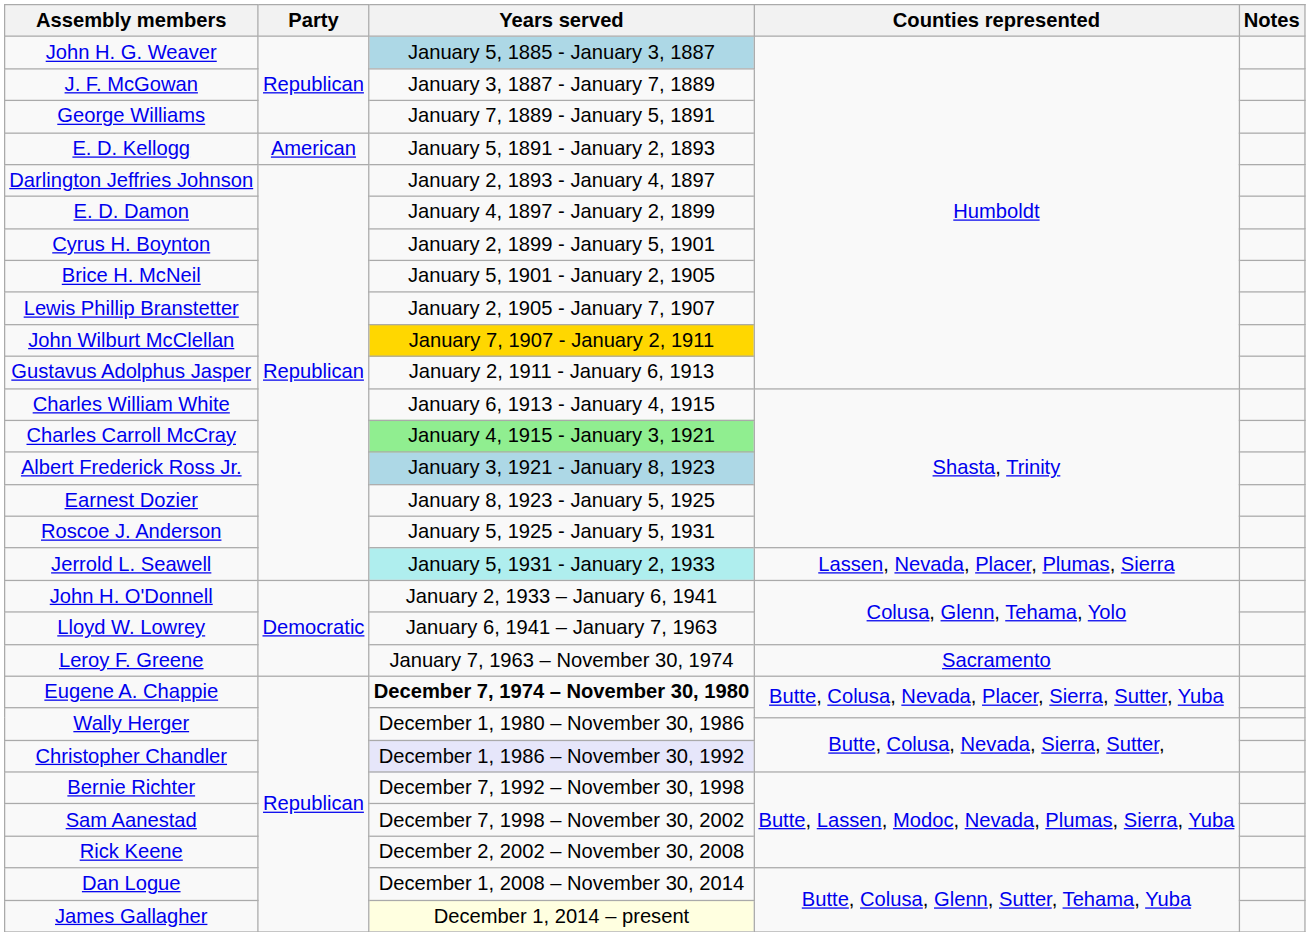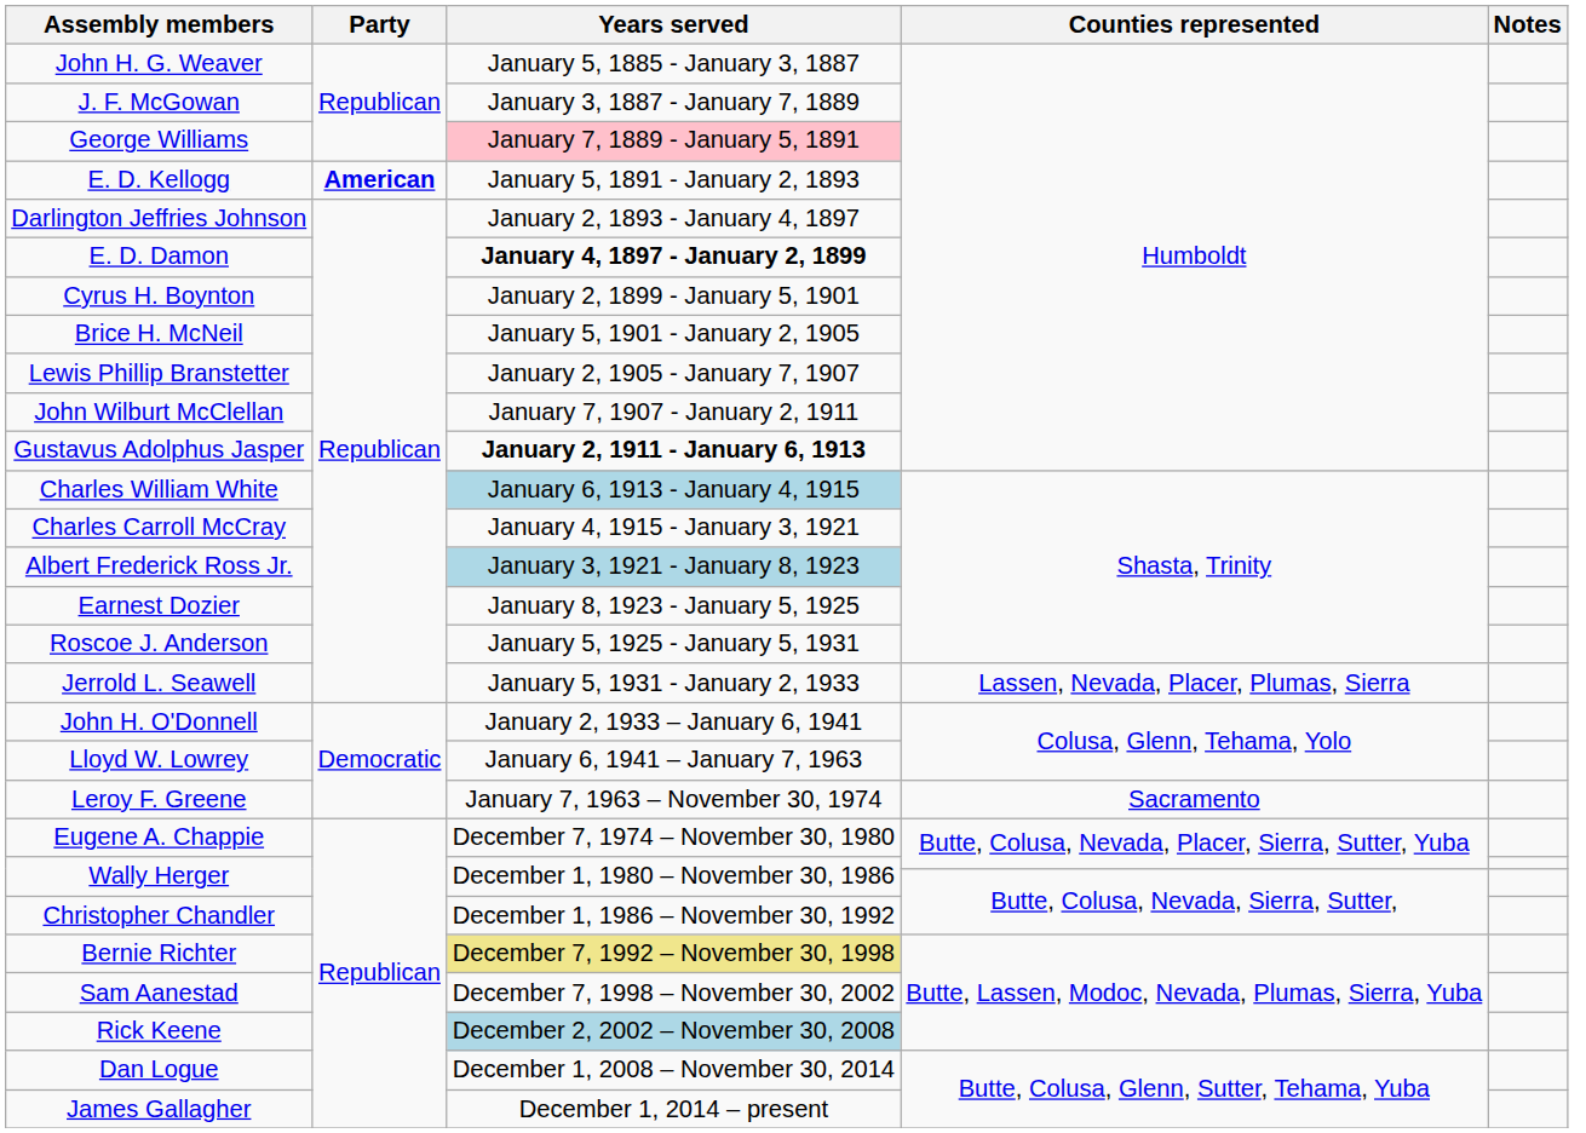 <table class=wikitable style="text-align:center">
 <tr>
 <th>Assembly members</th>
 <th>Party</th>
 <th>Years served</th>
 <th>Counties represented</th>
 <th>Notes</th>
 </tr>
 <tr>
 <td><a href='#'>John H. G. Weaver</a></td>
 <td rowspan=3 ><a href='#'>Republican</a></td>
-<td style="background: lightblue;">January 5, 1885 - January 3, 1887</td>
+<td>January 5, 1885 - January 3, 1887</td>
 <td rowspan=11><a href='#'>Humboldt</a></td>
 <td></td>
 </tr>
 <tr>
 <td><a href='#'>J. F. McGowan</a></td>
 <td>January 3, 1887 - January 7, 1889</td>
 <td></td>
 </tr>
 <tr>
 <td><a href='#'>George Williams</a></td>
-<td>January 7, 1889 - January 5, 1891</td>
+<td style="background: pink;">January 7, 1889 - January 5, 1891</td>
 <td></td>
 </tr>
 <tr>
 <td><a href='#'>E. D. Kellogg</a></td>
-<td><a href='#'>American</a></td>
+<td><strong><a href='#'>American</a></strong></td>
 <td>January 5, 1891 - January 2, 1893</td>
 <td></td>
 </tr>
 <tr>
 <td><a href='#'>Darlington Jeffries Johnson</a></td>
 <td rowspan=13 ><a href='#'>Republican</a></td>
 <td>January 2, 1893 - January 4, 1897</td>
 <td></td>
 </tr>
 <tr>
 <td><a href='#'>E. D. Damon</a></td>
-<td>January 4, 1897 - January 2, 1899</td>
+<td><strong>January 4, 1897 - January 2, 1899</strong></td>
 <td></td>
 </tr>
 <tr>
 <td><a href='#'>Cyrus H. Boynton</a></td>
 <td>January 2, 1899 - January 5, 1901</td>
 <td></td>
 </tr>
 <tr>
 <td><a href='#'>Brice H. McNeil</a></td>
 <td>January 5, 1901 - January 2, 1905</td>
 <td></td>
 </tr>
 <tr>
 <td><a href='#'>Lewis Phillip Branstetter</a></td>
 <td>January 2, 1905 - January 7, 1907</td>
 <td></td>
 </tr>
 <tr>
 <td><a href='#'>John Wilburt McClellan</a></td>
-<td style="background: gold;">January 7, 1907 - January 2, 1911</td>
+<td>January 7, 1907 - January 2, 1911</td>
 <td></td>
 </tr>
 <tr>
 <td><a href='#'>Gustavus Adolphus Jasper</a></td>
-<td>January 2, 1911 - January 6, 1913</td>
+<td><strong>January 2, 1911 - January 6, 1913</strong></td>
 <td></td>
 </tr>
 <tr>
 <td><a href='#'>Charles William White</a></td>
-<td>January 6, 1913 - January 4, 1915</td>
+<td style="background: lightblue;">January 6, 1913 - January 4, 1915</td>
 <td rowspan=5><a href='#'>Shasta</a>, <a href='#'>Trinity</a></td>
 <td></td>
 </tr>
 <tr>
 <td><a href='#'>Charles Carroll McCray</a></td>
-<td style="background: lightgreen;">January 4, 1915 - January 3, 1921</td>
+<td>January 4, 1915 - January 3, 1921</td>
 <td></td>
 </tr>
 <tr>
 <td><a href='#'>Albert Frederick Ross Jr.</a></td>
 <td style="background: lightblue;">January 3, 1921 - January 8, 1923</td>
 <td></td>
 </tr>
 <tr>
 <td><a href='#'>Earnest Dozier</a></td>
 <td>January 8, 1923 - January 5, 1925</td>
 <td></td>
 </tr>
 <tr>
 <td><a href='#'>Roscoe J. Anderson</a></td>
 <td>January 5, 1925 - January 5, 1931</td>
 <td></td>
 </tr>
 <tr>
 <td><a href='#'>Jerrold L. Seawell</a></td>
-<td style="background: paleturquoise;">January 5, 1931 - January 2, 1933</td>
+<td>January 5, 1931 - January 2, 1933</td>
 <td><a href='#'>Lassen</a>, <a href='#'>Nevada</a>, <a href='#'>Placer</a>, <a href='#'>Plumas</a>, <a href='#'>Sierra</a></td>
 <td></td>
 </tr>
 <tr>
 <td><a href='#'>John H. O'Donnell</a></td>
 <td rowspan=3 ><a href='#'>Democratic</a></td>
 <td>January 2, 1933 – January 6, 1941</td>
 <td rowspan=2><a href='#'>Colusa</a>, <a href='#'>Glenn</a>, <a href='#'>Tehama</a>, <a href='#'>Yolo</a></td>
 <td></td>
 </tr>
 <tr>
 <td><a href='#'>Lloyd W. Lowrey</a></td>
 <td>January 6, 1941 – January 7, 1963</td>
 <td></td>
 </tr>
 <tr>
 <td><a href='#'>Leroy F. Greene</a></td>
 <td>January 7, 1963 – November 30, 1974</td>
 <td><a href='#'>Sacramento</a></td>
 <td></td>
 </tr>
 <tr>
 <td><a href='#'>Eugene A. Chappie</a></td>
 <td rowspan=10 ><a href='#'>Republican</a></td>
-<td><strong>December 7, 1974 – November 30, 1980</strong></td>
+<td>December 7, 1974 – November 30, 1980</td>
 <td rowspan=2><a href='#'>Butte</a>, <a href='#'>Colusa</a>, <a href='#'>Nevada</a>, <a href='#'>Placer</a>, <a href='#'>Sierra</a>, <a href='#'>Sutter</a>, <a href='#'>Yuba</a></td>
 <td></td>
 </tr>
 <tr>
 <td rowspan=2><a href='#'>Wally Herger</a></td>
 <td rowspan=2>December 1, 1980 – November 30, 1986</td>
 <td></td>
 </tr>
 <tr>
 <td rowspan=2><a href='#'>Butte</a>, <a href='#'>Colusa</a>, <a href='#'>Nevada</a>, <a href='#'>Sierra</a>, <a href='#'>Sutter</a>,</td>
 <td></td>
 </tr>
 <tr>
 <td><a href='#'>Christopher Chandler</a></td>
-<td style="background: lavender;">December 1, 1986 – November 30, 1992</td>
+<td>December 1, 1986 – November 30, 1992</td>
 <td></td>
 </tr>
 <tr>
 <td><a href='#'>Bernie Richter</a></td>
-<td>December 7, 1992 – November 30, 1998</td>
+<td style="background: khaki;">December 7, 1992 – November 30, 1998</td>
 <td rowspan=4><a href='#'>Butte</a>, <a href='#'>Lassen</a>, <a href='#'>Modoc</a>, <a href='#'>Nevada</a>, <a href='#'>Plumas</a>, <a href='#'>Sierra</a>, <a href='#'>Yuba</a></td>
 <td></td>
 </tr>
 <tr>
 <td><a href='#'>Sam Aanestad</a></td>
 <td>December 7, 1998 – November 30, 2002</td>
 <td></td>
 </tr>
 <tr>
 <td><a href='#'>Rick Keene</a></td>
-<td>December 2, 2002 – November 30, 2008</td>
+<td style="background: lightblue;">December 2, 2002 – November 30, 2008</td>
 <td></td>
 </tr>
 <tr>
 <td rowspan=2><a href='#'>Dan Logue</a></td>
 <td rowspan=2>December 1, 2008 – November 30, 2014</td>
 <td rowspan=2></td>
 </tr>
 <tr>
 <td rowspan=2><a href='#'>Butte</a>, <a href='#'>Colusa</a>, <a href='#'>Glenn</a>, <a href='#'>Sutter</a>, <a href='#'>Tehama</a>, <a href='#'>Yuba</a></td>
 </tr>
 <tr>
 <td><a href='#'>James Gallagher</a></td>
-<td style="background: lightyellow;">December 1, 2014 – present</td>
+<td>December 1, 2014 – present</td>
 <td></td>
 </tr>
 </table>
